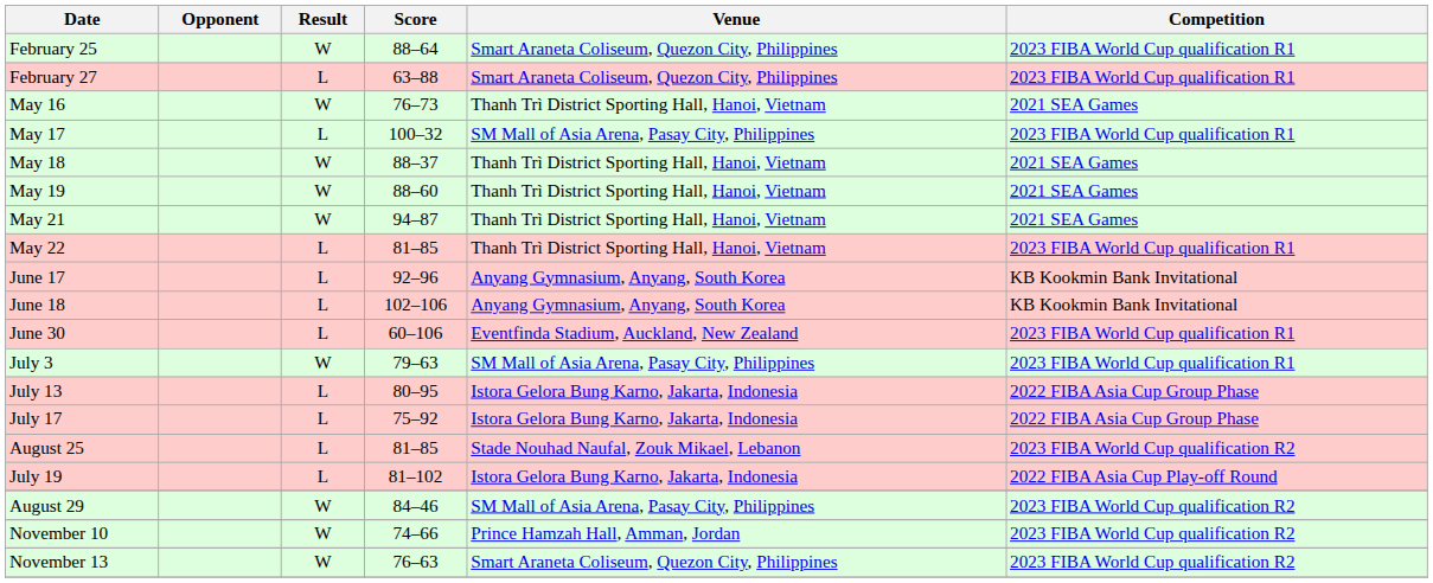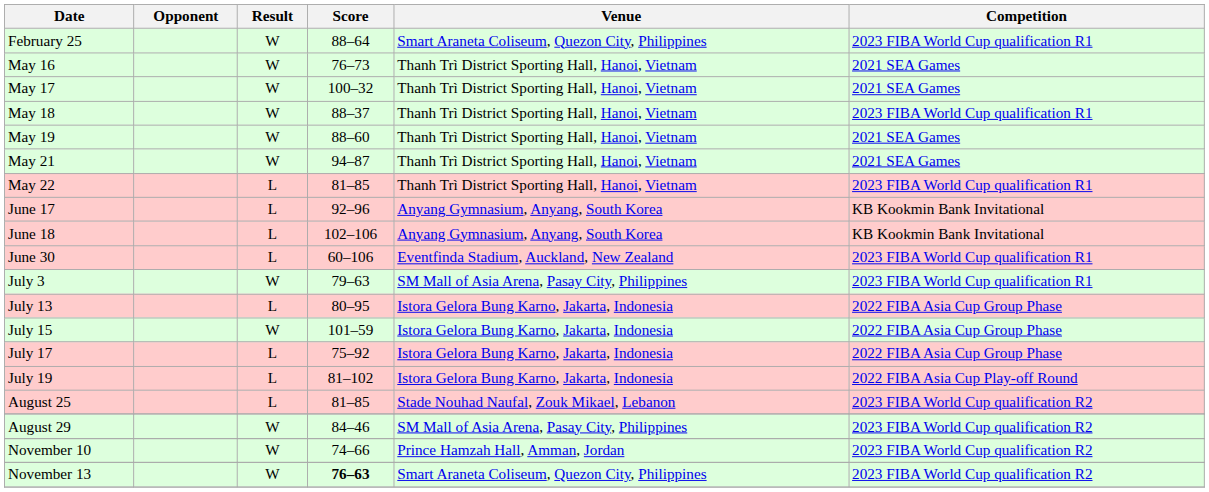 <table width=100% class="wikitable">
 <tr>
 <th>Date</th>
 <th>Opponent</th>
 <th>Result</th>
 <th>Score</th>
 <th>Venue</th>
 <th>Competition</th>
 </tr>
 <tr style="background:#dfd;">
 <td>February 25</td>
 <td></td>
 <td align=center>W</td>
 <td align=center>88–64</td>
 <td> <a href='#'>Smart Araneta Coliseum</a>, <a href='#'>Quezon City</a>, <a href='#'>Philippines</a></td>
 <td><a href='#'>2023 FIBA World Cup qualification R1</a></td>
 </tr>
-<tr style="background:#fcc;">
-<td>February 27</td>
-<td></td>
-<td align=center>L</td>
-<td align=center>63–88</td>
-<td> <a href='#'>Smart Araneta Coliseum</a>, <a href='#'>Quezon City</a>, <a href='#'>Philippines</a></td>
-<td><a href='#'>2023 FIBA World Cup qualification R1</a></td>
-</tr>
 <tr style="background:#dfd;">
 <td>May 16</td>
 <td></td>
 <td align=center>W</td>
 <td align=center>76–73</td>
 <td> Thanh Trì District Sporting Hall, <a href='#'>Hanoi</a>, <a href='#'>Vietnam</a></td>
 <td><a href='#'>2021 SEA Games</a></td>
 </tr>
 <tr style="background:#dfd;">
 <td>May 17</td>
 <td></td>
-<td align=center>L</td>
+<td align=center>W</td>
 <td align=center>100–32</td>
-<td> <a href='#'>SM Mall of Asia Arena</a>, <a href='#'>Pasay City</a>, <a href='#'>Philippines</a></td>
-<td><a href='#'>2023 FIBA World Cup qualification R1</a></td>
+<td> Thanh Trì District Sporting Hall, <a href='#'>Hanoi</a>, <a href='#'>Vietnam</a></td>
+<td><a href='#'>2021 SEA Games</a></td>
 </tr>
 <tr style="background:#dfd;">
 <td>May 18</td>
 <td></td>
 <td align=center>W</td>
 <td align=center>88–37</td>
 <td> Thanh Trì District Sporting Hall, <a href='#'>Hanoi</a>, <a href='#'>Vietnam</a></td>
-<td><a href='#'>2021 SEA Games</a></td>
+<td><a href='#'>2023 FIBA World Cup qualification R1</a></td>
 </tr>
 <tr style="background:#dfd;">
 <td>May 19</td>
 <td></td>
 <td align=center>W</td>
 <td align=center>88–60</td>
 <td> Thanh Trì District Sporting Hall, <a href='#'>Hanoi</a>, <a href='#'>Vietnam</a></td>
 <td><a href='#'>2021 SEA Games</a></td>
 </tr>
 <tr style="background:#dfd;">
 <td>May 21</td>
 <td></td>
 <td align=center>W</td>
 <td align=center>94–87</td>
 <td> Thanh Trì District Sporting Hall, <a href='#'>Hanoi</a>, <a href='#'>Vietnam</a></td>
 <td><a href='#'>2021 SEA Games</a></td>
 </tr>
 <tr style="background:#fcc;">
 <td>May 22</td>
 <td></td>
 <td align=center>L</td>
 <td align=center>81–85</td>
 <td> Thanh Trì District Sporting Hall, <a href='#'>Hanoi</a>, <a href='#'>Vietnam</a></td>
 <td><a href='#'>2023 FIBA World Cup qualification R1</a></td>
 </tr>
 <tr style="background:#fcc;">
 <td>June 17</td>
 <td></td>
 <td align=center>L</td>
 <td align=center>92–96</td>
 <td> <a href='#'>Anyang Gymnasium</a>, <a href='#'>Anyang</a>, <a href='#'>South Korea</a></td>
 <td>KB Kookmin Bank Invitational</td>
 </tr>
 <tr style="background:#fcc;">
 <td>June 18</td>
 <td></td>
 <td align=center>L</td>
 <td align=center>102–106</td>
 <td> <a href='#'>Anyang Gymnasium</a>, <a href='#'>Anyang</a>, <a href='#'>South Korea</a></td>
 <td>KB Kookmin Bank Invitational</td>
 </tr>
 <tr style="background:#fcc;">
 <td>June 30</td>
 <td></td>
 <td align=center>L</td>
 <td align=center>60–106</td>
 <td> <a href='#'>Eventfinda Stadium</a>, <a href='#'>Auckland</a>, <a href='#'>New Zealand</a></td>
 <td><a href='#'>2023 FIBA World Cup qualification R1</a></td>
 </tr>
 <tr style="background:#dfd;">
 <td>July 3</td>
 <td></td>
 <td align=center>W</td>
 <td align=center>79–63</td>
 <td> <a href='#'>SM Mall of Asia Arena</a>, <a href='#'>Pasay City</a>, <a href='#'>Philippines</a></td>
 <td><a href='#'>2023 FIBA World Cup qualification R1</a></td>
 </tr>
 <tr style="background:#fcc;">
 <td>July 13</td>
 <td></td>
 <td align=center>L</td>
 <td align=center>80–95</td>
 <td> <a href='#'>Istora Gelora Bung Karno</a>, <a href='#'>Jakarta</a>, <a href='#'>Indonesia</a></td>
 <td><a href='#'>2022 FIBA Asia Cup Group Phase</a></td>
 </tr>
+<tr style="background:#dfd;">
+<td>July 15</td>
+<td></td>
+<td align=center>W</td>
+<td align=center>101–59</td>
+<td> <a href='#'>Istora Gelora Bung Karno</a>, <a href='#'>Jakarta</a>, <a href='#'>Indonesia</a></td>
+<td><a href='#'>2022 FIBA Asia Cup Group Phase</a></td>
+</tr>
 <tr style="background:#fcc;">
 <td>July 17</td>
 <td></td>
 <td align=center>L</td>
 <td align=center>75–92</td>
 <td> <a href='#'>Istora Gelora Bung Karno</a>, <a href='#'>Jakarta</a>, <a href='#'>Indonesia</a></td>
 <td><a href='#'>2022 FIBA Asia Cup Group Phase</a></td>
 </tr>
 <tr style="background:#fcc;">
+<td>July 19</td>
+<td></td>
+<td align=center>L</td>
+<td align=center>81–102</td>
+<td> <a href='#'>Istora Gelora Bung Karno</a>, <a href='#'>Jakarta</a>, <a href='#'>Indonesia</a></td>
+<td><a href='#'>2022 FIBA Asia Cup Play-off Round</a></td>
+</tr>
+<tr style="background:#fcc;">
 <td>August 25</td>
 <td></td>
 <td align=center>L</td>
 <td align=center>81–85</td>
 <td> <a href='#'>Stade Nouhad Naufal</a>, <a href='#'>Zouk Mikael</a>, <a href='#'>Lebanon</a></td>
 <td><a href='#'>2023 FIBA World Cup qualification R2</a></td>
-</tr>
-<tr style="background:#fcc;">
-<td>July 19</td>
-<td></td>
-<td align=center>L</td>
-<td align=center>81–102</td>
-<td> <a href='#'>Istora Gelora Bung Karno</a>, <a href='#'>Jakarta</a>, <a href='#'>Indonesia</a></td>
-<td><a href='#'>2022 FIBA Asia Cup Play-off Round</a></td>
 </tr>
 <tr>
 </tr>
 <tr style="background:#dfd;">
 <td>August 29</td>
 <td></td>
 <td align=center>W</td>
 <td align=center>84–46</td>
 <td> <a href='#'>SM Mall of Asia Arena</a>, <a href='#'>Pasay City</a>, <a href='#'>Philippines</a></td>
 <td><a href='#'>2023 FIBA World Cup qualification R2</a></td>
 </tr>
 <tr>
 </tr>
 <tr style="background:#dfd;">
 <td>November 10</td>
 <td></td>
 <td align=center>W</td>
 <td align=center>74–66</td>
 <td> <a href='#'>Prince Hamzah Hall</a>, <a href='#'>Amman</a>, <a href='#'>Jordan</a></td>
 <td><a href='#'>2023 FIBA World Cup qualification R2</a></td>
 </tr>
 <tr>
 </tr>
 <tr style="background:#dfd;">
 <td>November 13</td>
 <td></td>
 <td align=center>W</td>
-<td align=center>76–63</td>
+<td align=center><strong>76–63</strong></td>
 <td> <a href='#'>Smart Araneta Coliseum</a>, <a href='#'>Quezon City</a>, <a href='#'>Philippines</a></td>
 <td><a href='#'>2023 FIBA World Cup qualification R2</a></td>
 </tr>
 <tr>
 </tr>
 </table>
